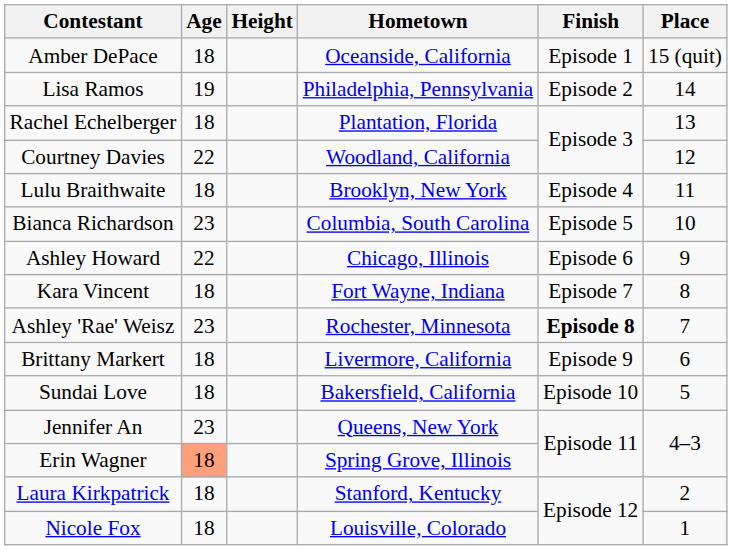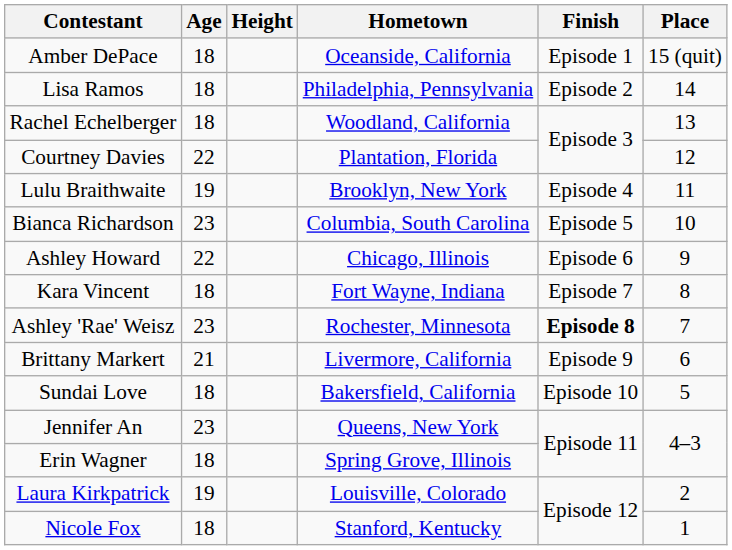 <table class="wikitable sortable" style="text-align:center;">
 <tr>
 <th>Contestant</th>
 <th>Age</th>
 <th>Height</th>
 <th>Hometown</th>
 <th>Finish</th>
 <th>Place</th>
 </tr>
 <tr>
 <td>Amber DePace</td>
 <td>18</td>
 <td></td>
 <td><a href='#'>Oceanside, California</a></td>
 <td>Episode 1</td>
 <td>15 (quit)</td>
 </tr>
 <tr>
 <td>Lisa Ramos</td>
-<td>19</td>
+<td>18</td>
 <td></td>
 <td><a href='#'>Philadelphia, Pennsylvania</a></td>
 <td>Episode 2</td>
 <td>14</td>
 </tr>
 <tr>
 <td>Rachel Echelberger</td>
 <td>18</td>
 <td></td>
-<td><a href='#'>Plantation, Florida</a></td>
+<td><a href='#'>Woodland, California</a></td>
 <td rowspan="2">Episode 3</td>
 <td>13</td>
 </tr>
 <tr>
 <td>Courtney Davies</td>
 <td>22</td>
 <td></td>
-<td><a href='#'>Woodland, California</a></td>
+<td><a href='#'>Plantation, Florida</a></td>
 <td>12</td>
 </tr>
 <tr>
 <td>Lulu Braithwaite</td>
-<td>18</td>
+<td>19</td>
 <td></td>
 <td><a href='#'>Brooklyn, New York</a></td>
 <td>Episode 4</td>
 <td>11</td>
 </tr>
 <tr>
 <td>Bianca Richardson</td>
 <td>23</td>
 <td></td>
 <td><a href='#'>Columbia, South Carolina</a></td>
 <td>Episode 5</td>
 <td>10</td>
 </tr>
 <tr>
 <td>Ashley Howard</td>
 <td>22</td>
 <td></td>
 <td><a href='#'>Chicago, Illinois</a></td>
 <td>Episode 6</td>
 <td>9</td>
 </tr>
 <tr>
 <td>Kara Vincent</td>
 <td>18</td>
 <td></td>
 <td><a href='#'>Fort Wayne, Indiana</a></td>
 <td>Episode 7</td>
 <td>8</td>
 </tr>
 <tr>
 <td>Ashley 'Rae' Weisz</td>
 <td>23</td>
 <td></td>
 <td><a href='#'>Rochester, Minnesota</a></td>
 <td><strong>Episode 8</strong></td>
 <td>7</td>
 </tr>
 <tr>
 <td>Brittany Markert</td>
-<td>18</td>
+<td>21</td>
 <td></td>
 <td><a href='#'>Livermore, California</a></td>
 <td>Episode 9</td>
 <td>6</td>
 </tr>
 <tr>
 <td>Sundai Love</td>
 <td>18</td>
 <td></td>
 <td><a href='#'>Bakersfield, California</a></td>
 <td>Episode 10</td>
 <td>5</td>
 </tr>
 <tr>
 <td>Jennifer An</td>
 <td>23</td>
 <td></td>
 <td><a href='#'>Queens, New York</a></td>
 <td rowspan="2">Episode 11</td>
 <td rowspan="2">4–3</td>
 </tr>
 <tr>
 <td>Erin Wagner</td>
-<td style="background: lightsalmon;">18</td>
+<td>18</td>
 <td></td>
 <td><a href='#'>Spring Grove, Illinois</a></td>
 </tr>
 <tr>
 <td><a href='#'>Laura Kirkpatrick</a></td>
-<td>18</td>
+<td>19</td>
 <td></td>
-<td><a href='#'>Stanford, Kentucky</a></td>
+<td><a href='#'>Louisville, Colorado</a></td>
 <td rowspan="2">Episode 12</td>
 <td>2</td>
 </tr>
 <tr>
 <td><a href='#'>Nicole Fox</a></td>
 <td>18</td>
 <td></td>
-<td><a href='#'>Louisville, Colorado</a></td>
+<td><a href='#'>Stanford, Kentucky</a></td>
 <td>1</td>
 </tr>
 </table>
